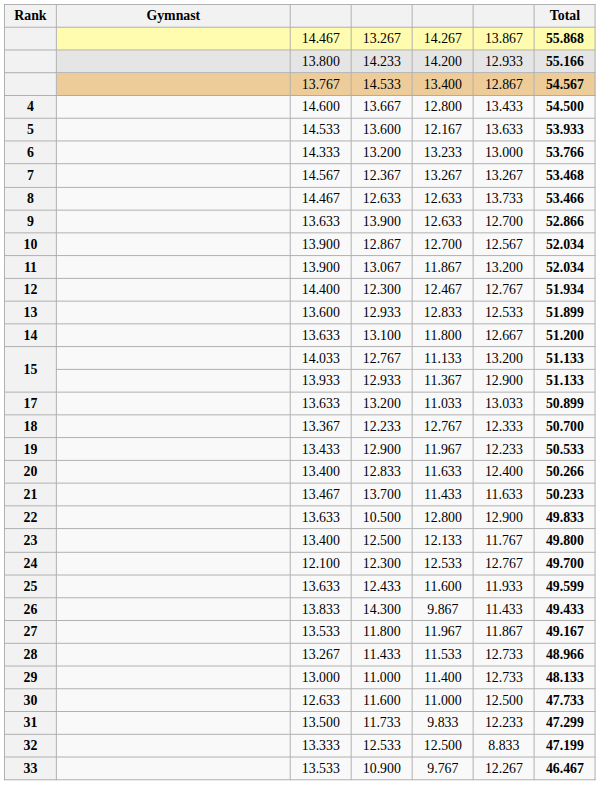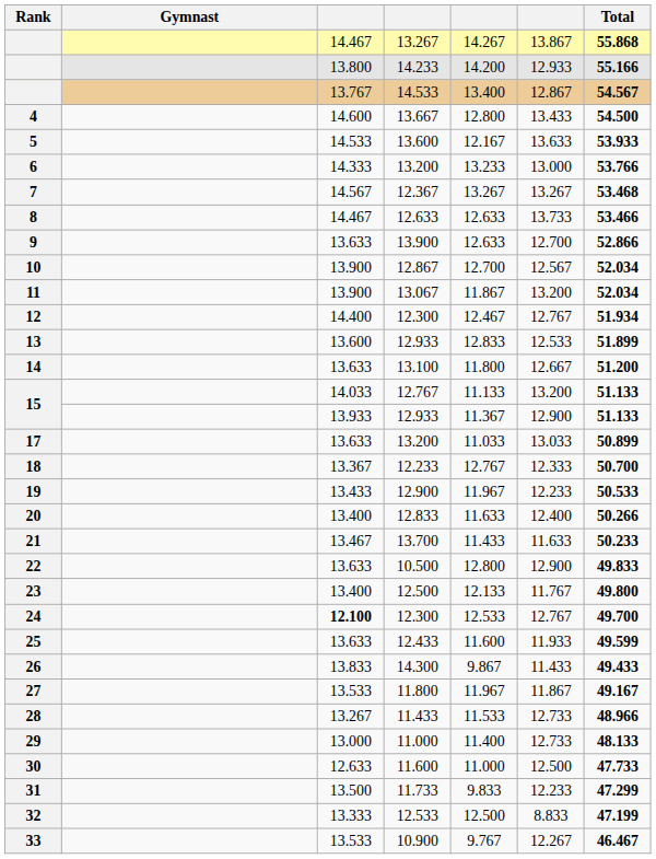 <table class="wikitable sortable" style="text-align:center; font-size:95%">
 <tr>
 <th scope="col" style="width:50px;">Rank</th>
 <th scope="col" style="width:250px;">Gymnast</th>
 <th scope="col" style="width:60px;"></th>
 <th scope="col" style="width:60px;"></th>
 <th scope="col" style="width:60px;"></th>
 <th scope="col" style="width:60px;"></th>
 <th scope="col" style="width:60px;">Total</th>
 </tr>
 <tr style="background:#fffcaf;">
 <th scope=row style="text-align:center"></th>
 <td align=left></td>
 <td>14.467</td>
 <td>13.267</td>
 <td>14.267</td>
 <td>13.867</td>
 <td><strong>55.868</strong></td>
 </tr>
 <tr style="background:#e5e5e5;">
 <th scope=row style="text-align:center"></th>
 <td align=left></td>
 <td>13.800</td>
 <td>14.233</td>
 <td>14.200</td>
 <td>12.933</td>
 <td><strong>55.166</strong></td>
 </tr>
 <tr style="background:#ec9;">
 <th scope=row style="text-align:center"></th>
 <td align=left></td>
 <td>13.767</td>
 <td>14.533</td>
 <td>13.400</td>
 <td>12.867</td>
 <td><strong>54.567</strong></td>
 </tr>
 <tr>
 <th scope=row style="text-align:center">4</th>
 <td align=left></td>
 <td>14.600</td>
 <td>13.667</td>
 <td>12.800</td>
 <td>13.433</td>
 <td><strong>54.500</strong></td>
 </tr>
 <tr>
 <th scope=row style="text-align:center">5</th>
 <td align=left></td>
 <td>14.533</td>
 <td>13.600</td>
 <td>12.167</td>
 <td>13.633</td>
 <td><strong>53.933</strong></td>
 </tr>
 <tr>
 <th scope=row style="text-align:center">6</th>
 <td align=left></td>
 <td>14.333</td>
 <td>13.200</td>
 <td>13.233</td>
 <td>13.000</td>
 <td><strong>53.766</strong></td>
 </tr>
 <tr>
 <th scope=row style="text-align:center">7</th>
 <td align=left></td>
 <td>14.567</td>
 <td>12.367</td>
 <td>13.267</td>
 <td>13.267</td>
 <td><strong>53.468</strong></td>
 </tr>
 <tr>
 <th scope=row style="text-align:center">8</th>
 <td align=left></td>
 <td>14.467</td>
 <td>12.633</td>
 <td>12.633</td>
 <td>13.733</td>
 <td><strong>53.466</strong></td>
 </tr>
 <tr>
 <th scope=row style="text-align:center">9</th>
 <td align=left></td>
 <td>13.633</td>
 <td>13.900</td>
 <td>12.633</td>
 <td>12.700</td>
 <td><strong>52.866</strong></td>
 </tr>
 <tr>
 <th scope=row style="text-align:center">10</th>
 <td align=left></td>
 <td>13.900</td>
 <td>12.867</td>
 <td>12.700</td>
 <td>12.567</td>
 <td><strong>52.034</strong></td>
 </tr>
 <tr>
 <th scope=row style="text-align:center">11</th>
 <td align=left></td>
 <td>13.900</td>
 <td>13.067</td>
 <td>11.867</td>
 <td>13.200</td>
 <td><strong>52.034</strong></td>
 </tr>
 <tr>
 <th scope=row style="text-align:center">12</th>
 <td align=left></td>
 <td>14.400</td>
 <td>12.300</td>
 <td>12.467</td>
 <td>12.767</td>
 <td><strong>51.934</strong></td>
 </tr>
 <tr>
 <th scope=row style="text-align:center">13</th>
 <td align=left></td>
 <td>13.600</td>
 <td>12.933</td>
 <td>12.833</td>
 <td>12.533</td>
 <td><strong>51.899</strong></td>
 </tr>
 <tr>
 <th scope=row style="text-align:center">14</th>
 <td align=left></td>
 <td>13.633</td>
 <td>13.100</td>
 <td>11.800</td>
 <td>12.667</td>
 <td><strong>51.200</strong></td>
 </tr>
 <tr>
 <th scope=row rowspan="2" style="text-align:center">15</th>
 <td align=left></td>
 <td>14.033</td>
 <td>12.767</td>
 <td>11.133</td>
 <td>13.200</td>
 <td><strong>51.133</strong></td>
 </tr>
 <tr>
 <td align=left></td>
 <td>13.933</td>
 <td>12.933</td>
 <td>11.367</td>
 <td>12.900</td>
 <td><strong>51.133</strong></td>
 </tr>
 <tr>
 <th scope=row style="text-align:center">17</th>
 <td align=left></td>
 <td>13.633</td>
 <td>13.200</td>
 <td>11.033</td>
 <td>13.033</td>
 <td><strong>50.899</strong></td>
 </tr>
 <tr>
 <th scope=row style="text-align:center">18</th>
 <td align=left></td>
 <td>13.367</td>
 <td>12.233</td>
 <td>12.767</td>
 <td>12.333</td>
 <td><strong>50.700</strong></td>
 </tr>
 <tr>
 <th scope=row style="text-align:center">19</th>
 <td align=left></td>
 <td>13.433</td>
 <td>12.900</td>
 <td>11.967</td>
 <td>12.233</td>
 <td><strong>50.533</strong></td>
 </tr>
 <tr>
 <th scope=row style="text-align:center">20</th>
 <td align=left></td>
 <td>13.400</td>
 <td>12.833</td>
 <td>11.633</td>
 <td>12.400</td>
 <td><strong>50.266</strong></td>
 </tr>
 <tr>
 <th scope=row style="text-align:center">21</th>
 <td align=left></td>
 <td>13.467</td>
 <td>13.700</td>
 <td>11.433</td>
 <td>11.633</td>
 <td><strong>50.233</strong></td>
 </tr>
 <tr>
 <th scope=row style="text-align:center">22</th>
 <td align=left></td>
 <td>13.633</td>
 <td>10.500</td>
 <td>12.800</td>
 <td>12.900</td>
 <td><strong>49.833</strong></td>
 </tr>
 <tr>
 <th scope=row style="text-align:center">23</th>
 <td align=left></td>
 <td>13.400</td>
 <td>12.500</td>
 <td>12.133</td>
 <td>11.767</td>
 <td><strong>49.800</strong></td>
 </tr>
 <tr>
 <th scope=row style="text-align:center">24</th>
 <td align=left></td>
-<td>12.100</td>
+<td><strong>12.100</strong></td>
 <td>12.300</td>
 <td>12.533</td>
 <td>12.767</td>
 <td><strong>49.700</strong></td>
 </tr>
 <tr>
 <th scope=row style="text-align:center">25</th>
 <td align=left></td>
 <td>13.633</td>
 <td>12.433</td>
 <td>11.600</td>
 <td>11.933</td>
 <td><strong>49.599</strong></td>
 </tr>
 <tr>
 <th scope=row style="text-align:center">26</th>
 <td align=left></td>
 <td>13.833</td>
 <td>14.300</td>
 <td>9.867</td>
 <td>11.433</td>
 <td><strong>49.433</strong></td>
 </tr>
 <tr>
 <th scope=row style="text-align:center">27</th>
 <td align=left></td>
 <td>13.533</td>
 <td>11.800</td>
 <td>11.967</td>
 <td>11.867</td>
 <td><strong>49.167</strong></td>
 </tr>
 <tr>
 <th scope=row style="text-align:center">28</th>
 <td align=left></td>
 <td>13.267</td>
 <td>11.433</td>
 <td>11.533</td>
 <td>12.733</td>
 <td><strong>48.966</strong></td>
 </tr>
 <tr>
 <th scope=row style="text-align:center">29</th>
 <td align=left></td>
 <td>13.000</td>
 <td>11.000</td>
 <td>11.400</td>
 <td>12.733</td>
 <td><strong>48.133</strong></td>
 </tr>
 <tr>
 <th scope=row style="text-align:center">30</th>
 <td align=left></td>
 <td>12.633</td>
 <td>11.600</td>
 <td>11.000</td>
 <td>12.500</td>
 <td><strong>47.733</strong></td>
 </tr>
 <tr>
 <th scope=row style="text-align:center">31</th>
 <td align=left></td>
 <td>13.500</td>
 <td>11.733</td>
 <td>9.833</td>
 <td>12.233</td>
 <td><strong>47.299</strong></td>
 </tr>
 <tr>
 <th scope=row style="text-align:center">32</th>
 <td align=left></td>
 <td>13.333</td>
 <td>12.533</td>
 <td>12.500</td>
 <td>8.833</td>
 <td><strong>47.199</strong></td>
 </tr>
 <tr>
 <th scope=row style="text-align:center">33</th>
 <td align=left></td>
 <td>13.533</td>
 <td>10.900</td>
 <td>9.767</td>
 <td>12.267</td>
 <td><strong>46.467</strong></td>
 </tr>
 </table>
